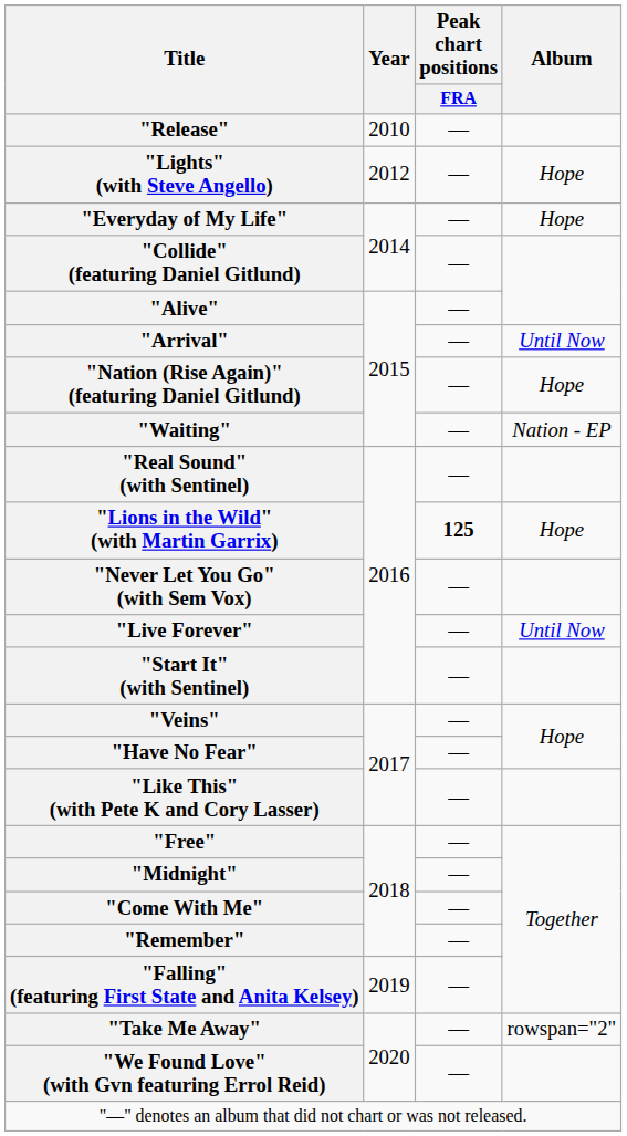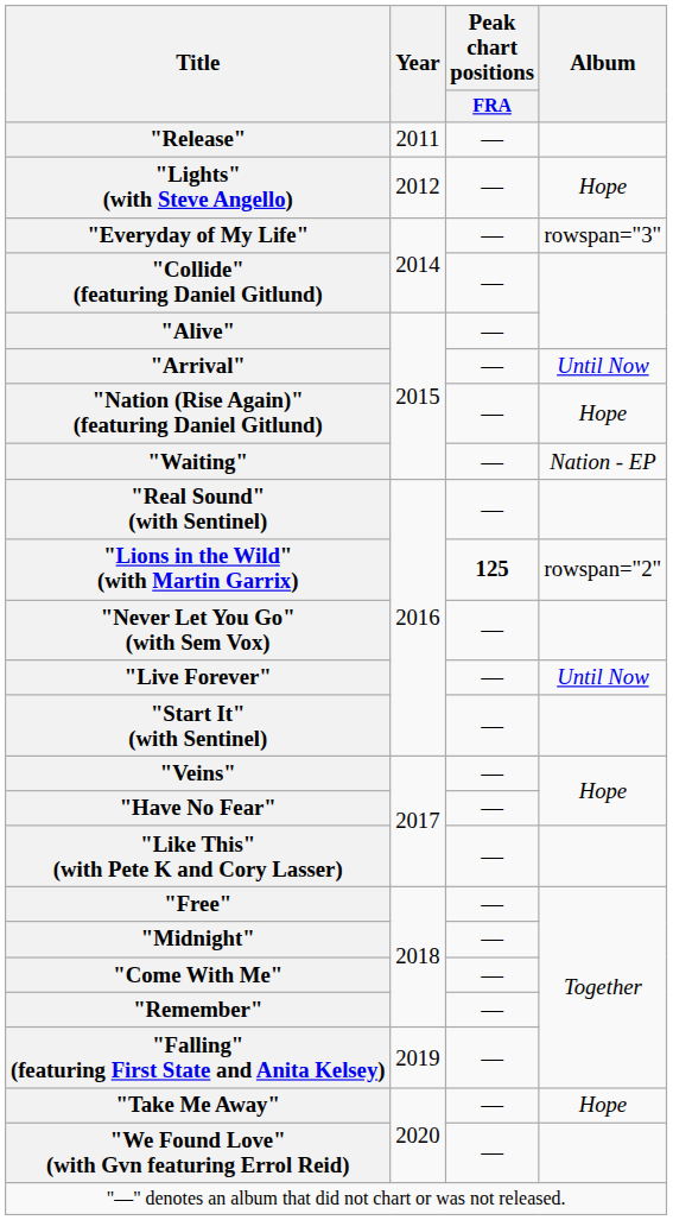 <table class="wikitable plainrowheaders" style="text-align:center;">
 <tr>
 <th rowspan="2" scope="col">Title</th>
 <th rowspan="2" scope="col">Year</th>
 <th>Peak chart positions</th>
 <th rowspan="2" scope="col">Album</th>
 </tr>
 <tr>
 <th scope="col" style="width:3em;font-size:85%;"><a href='#'>FRA</a><br></th>
 </tr>
 <tr>
 <th scope="row">"Release"</th>
-<td>2010</td>
+<td>2011</td>
 <td>—</td>
 <td></td>
 </tr>
 <tr>
 <th scope="row">"Lights"<br><span>(with <a href='#'>Steve Angello</a>)</span></th>
 <td>2012</td>
 <td>—</td>
 <td><em>Hope</em></td>
 </tr>
 <tr>
 <th scope="row">"Everyday of My Life"</th>
 <td rowspan="2">2014</td>
 <td>—</td>
-<td><em>Hope</em></td>
+<td>rowspan="3" </td>
 </tr>
 <tr>
 <th scope="row">"Collide"<br><span>(featuring Daniel Gitlund)</span></th>
 <td>—</td>
 </tr>
 <tr>
 <th scope="row">"Alive"</th>
 <td rowspan="4">2015</td>
 <td>—</td>
 </tr>
 <tr>
 <th scope="row">"Arrival"</th>
 <td>—</td>
 <td><em><a href='#'>Until Now</a></em></td>
 </tr>
 <tr>
 <th scope="row">"Nation (Rise Again)"<br><span>(featuring Daniel Gitlund)</span></th>
 <td>—</td>
 <td><em>Hope</em></td>
 </tr>
 <tr>
 <th scope="row">"Waiting"</th>
 <td>—</td>
 <td><em>Nation - EP</em></td>
 </tr>
 <tr>
 <th scope="row">"Real Sound"<br><span>(with Sentinel)</span></th>
 <td rowspan="5">2016</td>
 <td>—</td>
 <td></td>
 </tr>
 <tr>
 <th scope="row">"<a href='#'>Lions in the Wild</a>"<br><span>(with <a href='#'>Martin Garrix</a>)</span></th>
 <td><strong>125</strong></td>
-<td><em>Hope</em></td>
+<td>rowspan="2" </td>
 </tr>
 <tr>
 <th scope="row">"Never Let You Go"<br><span>(with Sem Vox)</span></th>
 <td>—</td>
 <td></td>
 </tr>
 <tr>
 <th scope="row">"Live Forever"</th>
 <td>—</td>
 <td><em><a href='#'>Until Now</a></em></td>
 </tr>
 <tr>
 <th scope="row">"Start It"<br><span>(with Sentinel)</span></th>
 <td>—</td>
 <td></td>
 </tr>
 <tr>
 <th scope="row">"Veins"</th>
 <td rowspan="3">2017</td>
 <td>—</td>
 <td rowspan="2"><em>Hope</em></td>
 </tr>
 <tr>
 <th scope="row">"Have No Fear"</th>
 <td>—</td>
 </tr>
 <tr>
 <th scope="row">"Like This" <br><span>(with Pete K and Cory Lasser)</span></th>
 <td>—</td>
 <td></td>
 </tr>
 <tr>
 <th scope="row">"Free"</th>
 <td rowspan="4">2018</td>
 <td>—</td>
 <td rowspan="5"><em>Together</em></td>
 </tr>
 <tr>
 <th scope="row">"Midnight"</th>
 <td>—</td>
 </tr>
 <tr>
 <th scope="row">"Come With Me"</th>
 <td>—</td>
 </tr>
 <tr>
 <th scope="row">"Remember"</th>
 <td>—</td>
 </tr>
 <tr>
 <th scope="row">"Falling" <br><span>(featuring <a href='#'>First State</a> and <a href='#'>Anita Kelsey</a>)</span></th>
 <td>2019</td>
 <td>—</td>
 </tr>
 <tr>
 <th scope="row">"Take Me Away"</th>
 <td rowspan="2">2020</td>
 <td>—</td>
-<td>rowspan="2" </td>
+<td><em>Hope</em></td>
 </tr>
 <tr>
 <th scope="row">"We Found Love" <br><span>(with Gvn featuring Errol Reid)</span></th>
 <td>—</td>
 </tr>
 <tr>
 <td colspan="4" style="font-size:85%">"—" denotes an album that did not chart or was not released.</td>
 </tr>
 </table>
